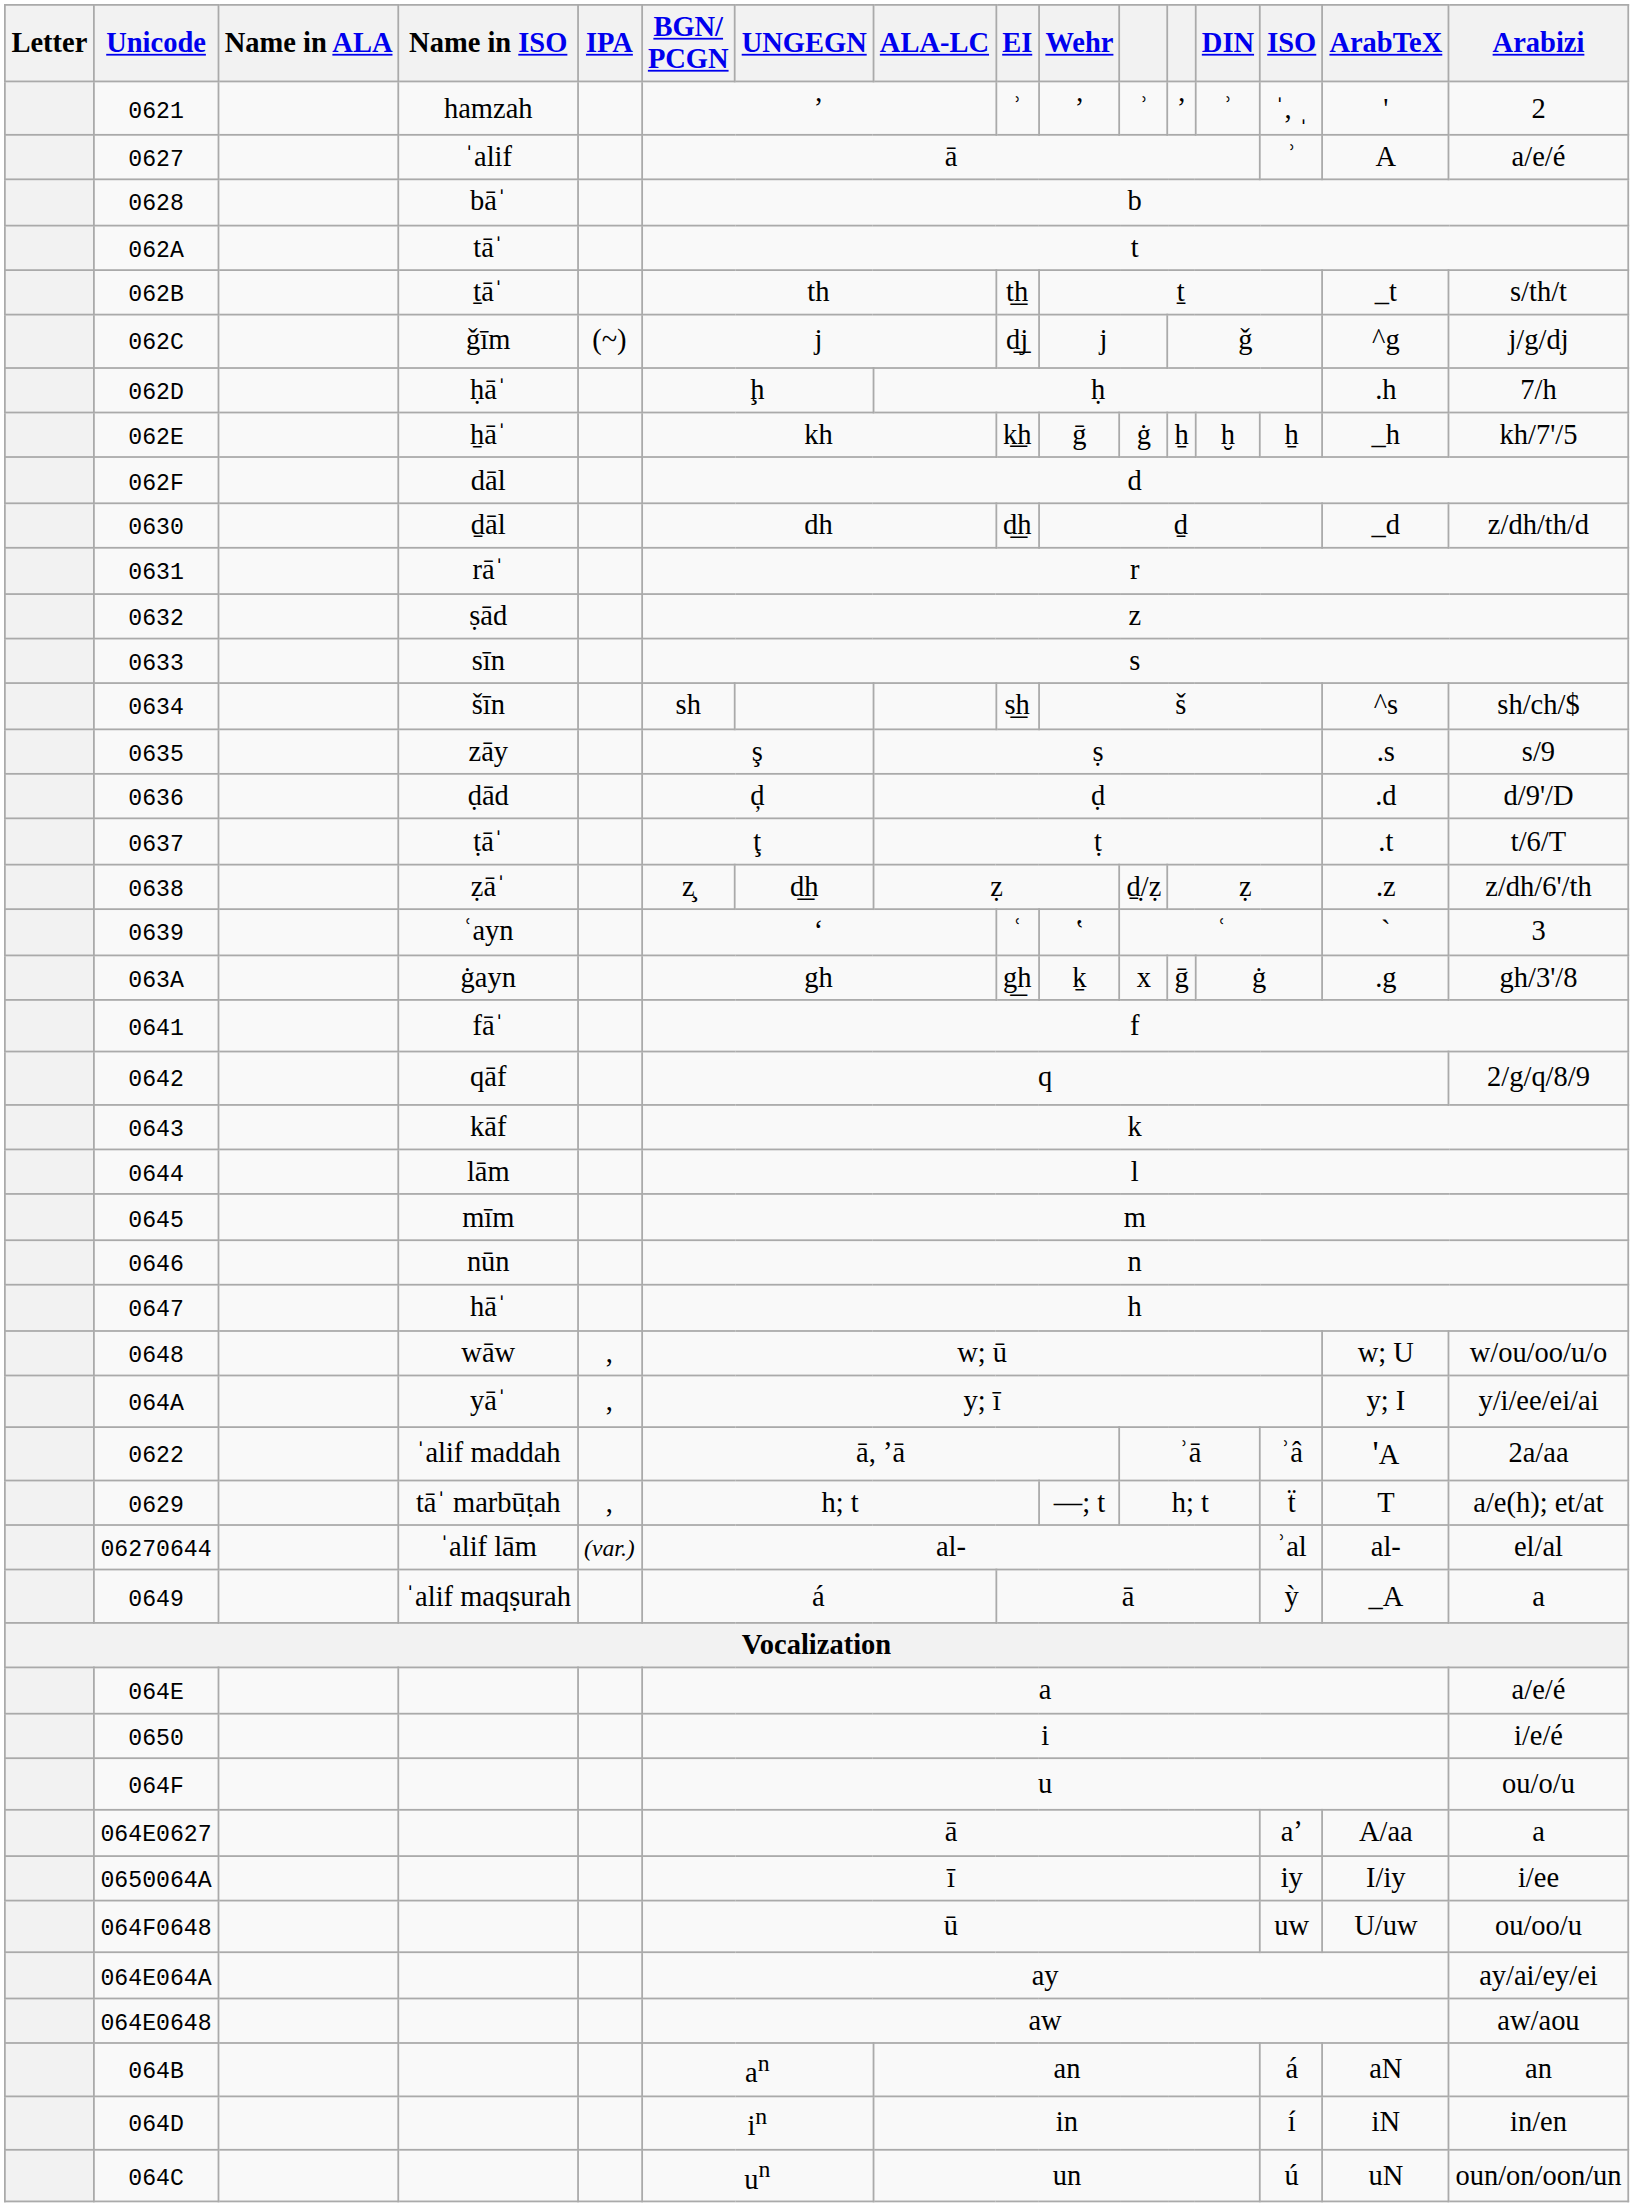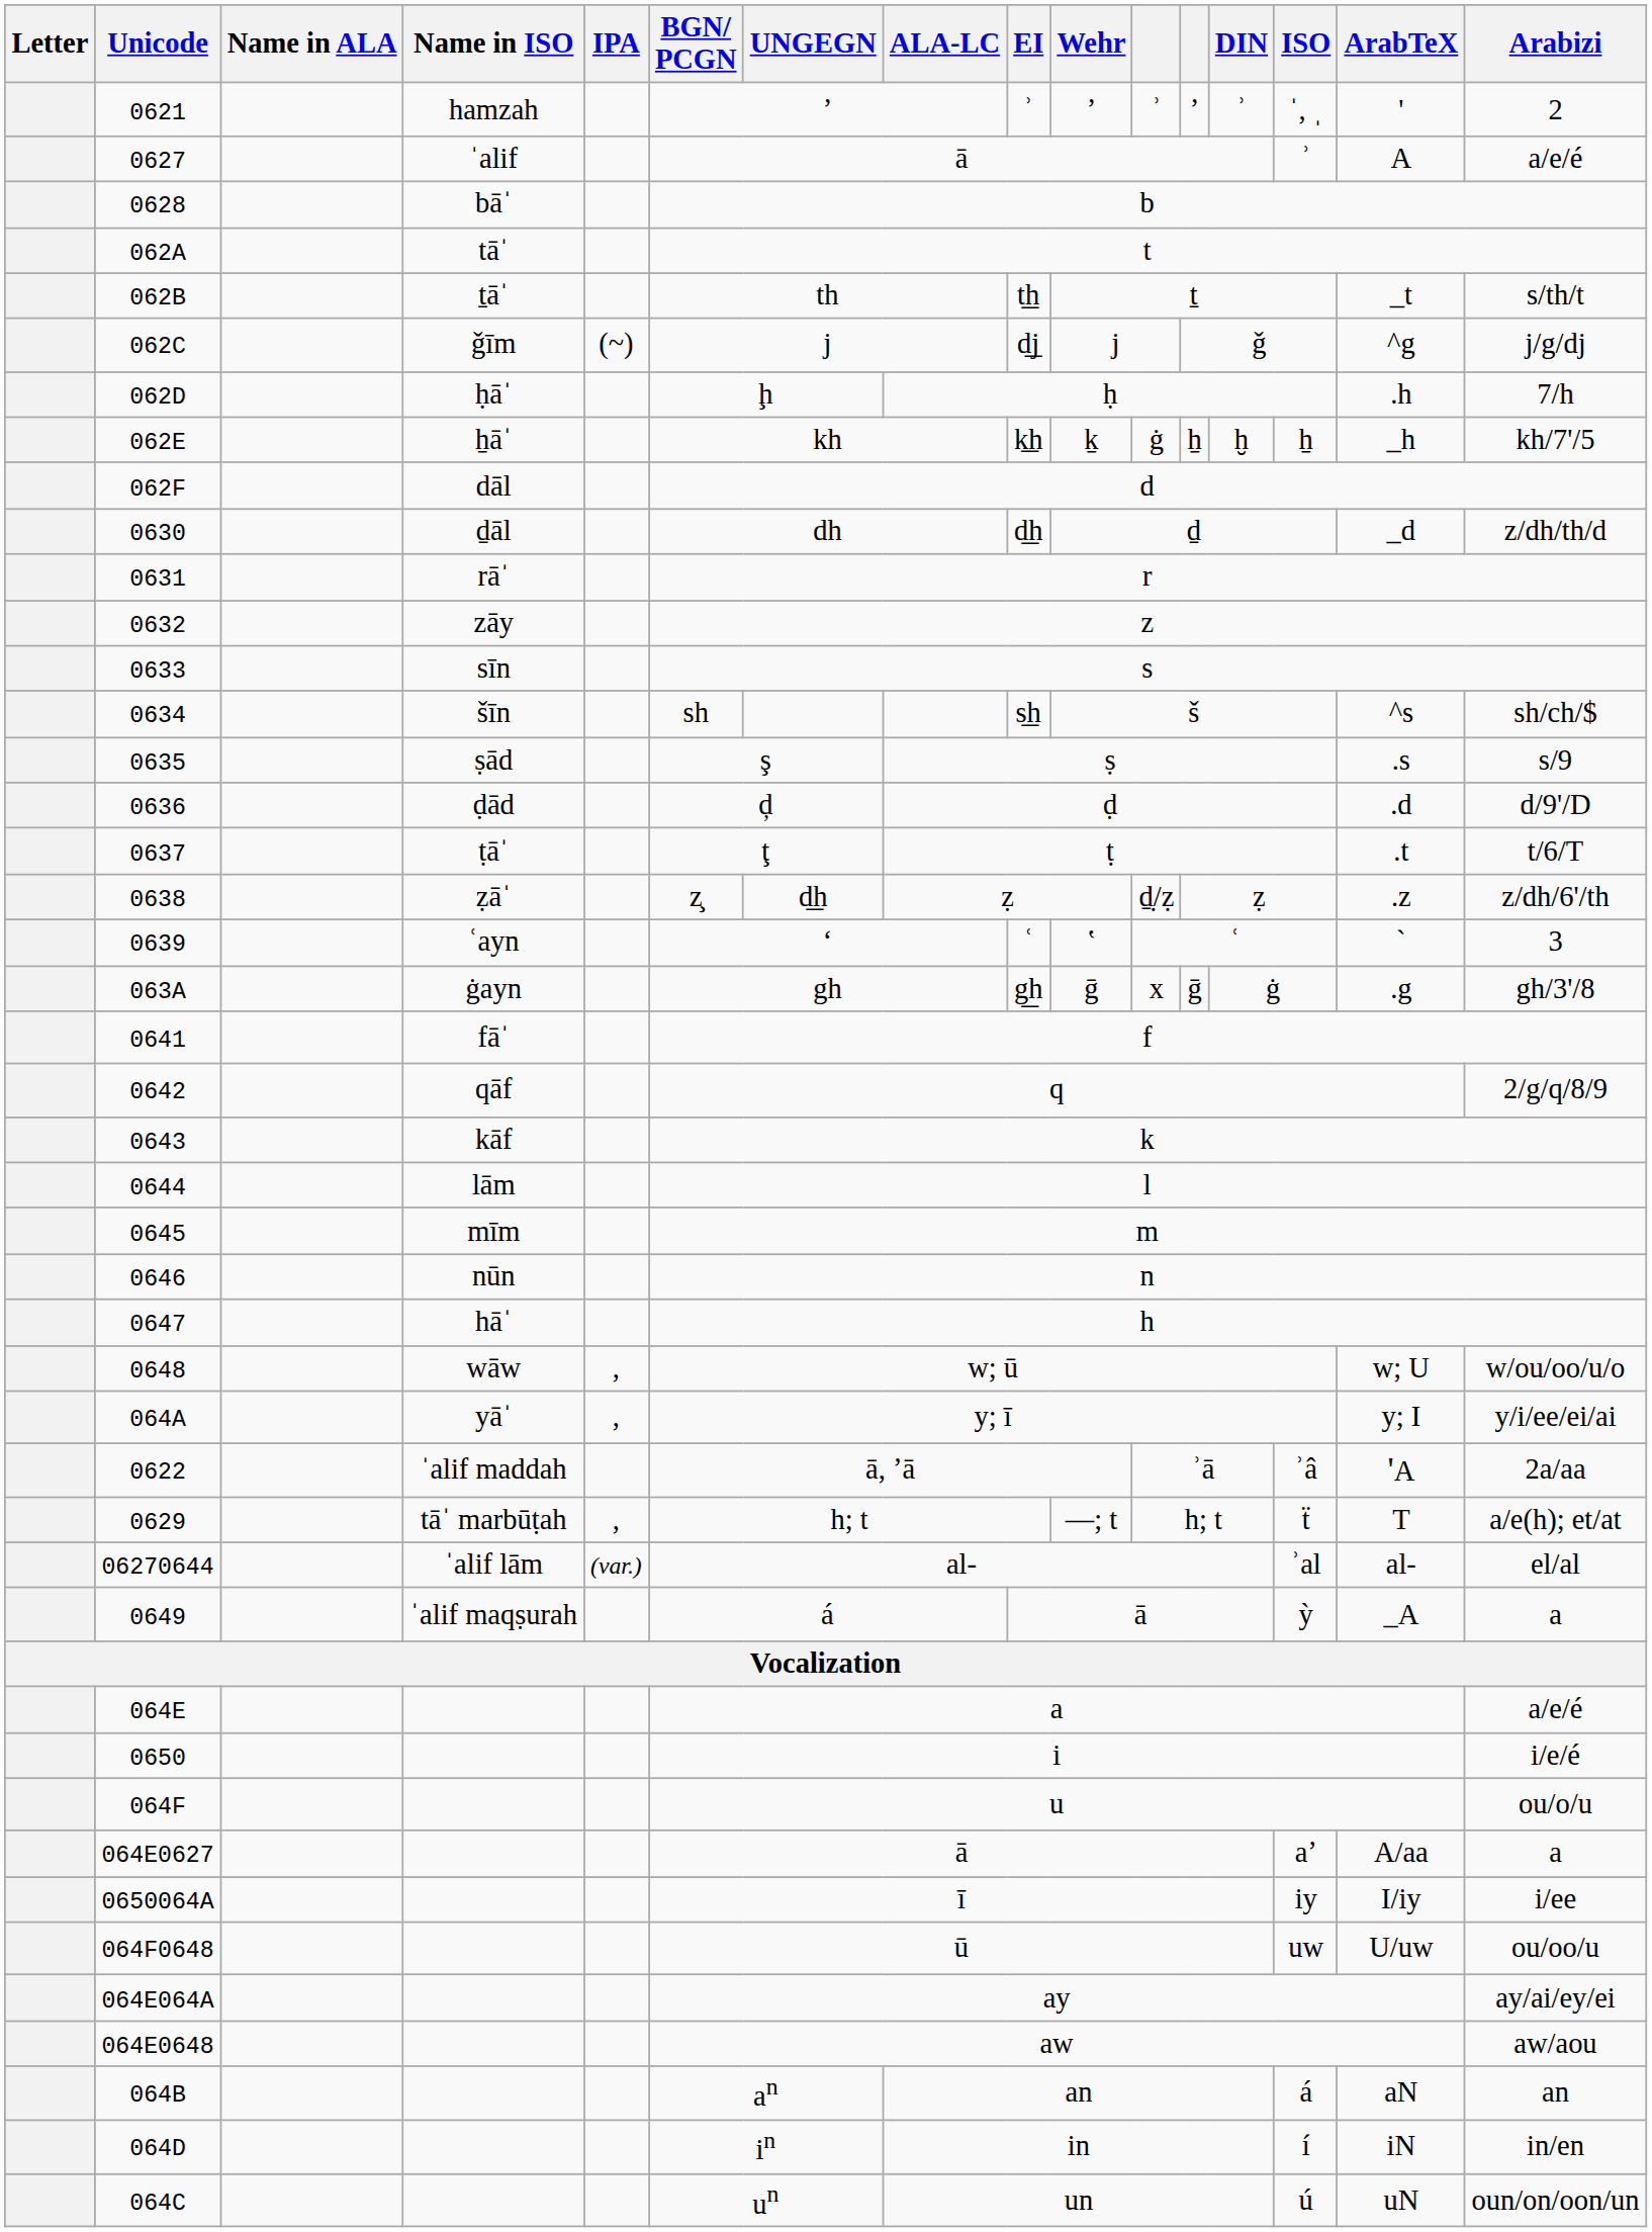 <table class="wikitable" style="text-align:center;">
 <tr>
 <th>Letter</th>
 <th><a href='#'>Unicode</a></th>
 <th>Name in <a href='#'>ALA</a></th>
 <th>Name in <a href='#'>ISO</a></th>
 <th><a href='#'>IPA</a></th>
 <th><a href='#'>BGN/<br>PCGN</a></th>
 <th><a href='#'>UNGEGN</a></th>
 <th><a href='#'>ALA-LC</a></th>
 <th><a href='#'>EI</a></th>
 <th><a href='#'>Wehr</a></th>
 <th></th>
 <th></th>
 <th><a href='#'>DIN</a></th>
 <th><a href='#'>ISO</a></th>
 <th><a href='#'>ArabTeX</a></th>
 <th><a href='#'>Arabizi</a></th>
 </tr>
 <tr>
 <th><big></big> ‎</th>
 <td><code>0621</code></td>
 <td></td>
 <td>hamzah</td>
 <td></td>
 <td colspan="3"><span>ʼ</span></td>
 <td><span>ʾ</span></td>
 <td><span>ʼ</span></td>
 <td><span>ʾ</span></td>
 <td><span>ʼ</span></td>
 <td><span>ʾ</span></td>
 <td><span>ˈ</span>, <span>ˌ</span></td>
 <td><span>'</span></td>
 <td>2</td>
 </tr>
 <tr>
 <th><big></big></th>
 <td><code>0627</code></td>
 <td></td>
 <td>ˈalif</td>
 <td></td>
 <td colspan="8">ā</td>
 <td><span>ʾ</span></td>
 <td>A</td>
 <td>a/e/é</td>
 </tr>
 <tr>
 <th><big></big></th>
 <td><code>0628</code></td>
 <td></td>
 <td>bāˈ</td>
 <td></td>
 <td colspan="11">b</td>
 </tr>
 <tr>
 <th><big></big></th>
 <td><code>062A</code></td>
 <td></td>
 <td>tāˈ</td>
 <td></td>
 <td colspan="11">t</td>
 </tr>
 <tr>
 <th><big></big></th>
 <td><code>062B</code></td>
 <td></td>
 <td>ṯāˈ</td>
 <td></td>
 <td colspan="3">th</td>
 <td>t͟h</td>
 <td colspan="5">ṯ</td>
 <td>_t</td>
 <td>s/th/t</td>
 </tr>
 <tr>
 <th><big></big> ‎</th>
 <td><code>062C</code></td>
 <td></td>
 <td>ǧīm</td>
 <td> (~)</td>
 <td colspan="3">j</td>
 <td>d͟j</td>
 <td colspan="2">j</td>
 <td colspan="3">ǧ</td>
 <td>^g</td>
 <td>j/g/dj</td>
 </tr>
 <tr>
 <th><big></big></th>
 <td><code>062D</code></td>
 <td></td>
 <td>ḥāˈ</td>
 <td></td>
 <td colspan="2">ḩ</td>
 <td colspan="7">ḥ</td>
 <td>.h</td>
 <td>7/h</td>
 </tr>
 <tr>
 <th><big></big></th>
 <td><code>062E</code></td>
 <td></td>
 <td>ẖāˈ</td>
 <td></td>
 <td colspan="3">kh</td>
 <td>k͟h</td>
-<td>ḡ</td>
+<td>ḵ</td>
 <td>ġ</td>
 <td>ẖ</td>
 <td>ḫ</td>
 <td>ẖ</td>
 <td>_h</td>
 <td>kh/7'/5</td>
 </tr>
 <tr>
 <th><big></big></th>
 <td><code>062F</code></td>
 <td></td>
 <td>dāl</td>
 <td></td>
 <td colspan="11">d</td>
 </tr>
 <tr>
 <th><big></big></th>
 <td><code>0630</code></td>
 <td></td>
 <td>ḏāl</td>
 <td></td>
 <td colspan="3">dh</td>
 <td>d͟h</td>
 <td colspan="5">ḏ</td>
 <td>_d</td>
 <td>z/dh/th/d</td>
 </tr>
 <tr>
 <th><big></big></th>
 <td><code>0631</code></td>
 <td></td>
 <td>rāˈ</td>
 <td></td>
 <td colspan="11">r</td>
 </tr>
 <tr>
 <th><big></big></th>
 <td><code>0632</code></td>
 <td></td>
-<td>ṣād</td>
+<td>zāy</td>
 <td></td>
 <td colspan="11">z</td>
 </tr>
 <tr>
 <th><big></big></th>
 <td><code>0633</code></td>
 <td></td>
 <td>sīn</td>
 <td></td>
 <td colspan="11">s</td>
 </tr>
 <tr>
 <th><big></big></th>
 <td><code>0634</code></td>
 <td></td>
 <td>šīn</td>
 <td></td>
 <td>sh</td>
 <td></td>
 <td></td>
 <td>s͟h</td>
 <td colspan="5">š</td>
 <td>^s</td>
 <td>sh/ch/$</td>
 </tr>
 <tr>
 <th><big></big></th>
 <td><code>0635</code></td>
 <td></td>
-<td>zāy</td>
+<td>ṣād</td>
 <td></td>
 <td colspan="2">ş</td>
 <td colspan="7">ṣ</td>
 <td>.s</td>
 <td>s/9</td>
 </tr>
 <tr>
 <th><big></big></th>
 <td><code>0636</code></td>
 <td></td>
 <td>ḍād</td>
 <td></td>
 <td colspan="2">ḑ</td>
 <td colspan="7">ḍ</td>
 <td>.d</td>
 <td>d/9'/D</td>
 </tr>
 <tr>
 <th><big></big></th>
 <td><code>0637</code></td>
 <td></td>
 <td>ṭāˈ</td>
 <td></td>
 <td colspan="2">ţ</td>
 <td colspan="7">ṭ</td>
 <td>.t</td>
 <td>t/6/T</td>
 </tr>
 <tr>
 <th><big></big></th>
 <td><code>0638</code></td>
 <td></td>
 <td>ẓāˈ</td>
 <td></td>
 <td>z̧</td>
 <td>d͟h</td>
 <td colspan="3">ẓ</td>
 <td>ḏ̣/ẓ</td>
 <td colspan="3">ẓ</td>
 <td>.z</td>
 <td>z/dh/6'/th</td>
 </tr>
 <tr>
 <th><big></big></th>
 <td><code>0639</code></td>
 <td></td>
 <td>ʿayn</td>
 <td></td>
 <td colspan="3"><span>ʻ</span></td>
 <td><span>ʿ</span></td>
 <td><span>ʽ</span></td>
 <td colspan="4"><span>ʿ</span></td>
 <td><span>`</span></td>
 <td>3</td>
 </tr>
 <tr>
 <th><big></big></th>
 <td><code>063A</code></td>
 <td></td>
 <td>ġayn</td>
 <td></td>
 <td colspan="3">gh</td>
 <td>g͟h</td>
-<td>ḵ</td>
+<td>ḡ</td>
 <td>x</td>
 <td>ḡ</td>
 <td colspan="2">ġ</td>
 <td>.g</td>
 <td>gh/3'/8</td>
 </tr>
 <tr>
 <th><big></big> ‎</th>
 <td><code>0641</code></td>
 <td></td>
 <td>fāˈ</td>
 <td></td>
 <td colspan="11">f</td>
 </tr>
 <tr>
 <th><big></big> ‎</th>
 <td><code>0642</code></td>
 <td></td>
 <td>qāf</td>
 <td></td>
 <td colspan="10">q</td>
 <td>2/g/q/8/9</td>
 </tr>
 <tr>
 <th><big></big></th>
 <td><code>0643</code></td>
 <td></td>
 <td>kāf</td>
 <td></td>
 <td colspan="11">k</td>
 </tr>
 <tr>
 <th><big></big></th>
 <td><code>0644</code></td>
 <td></td>
 <td>lām</td>
 <td></td>
 <td colspan="11">l</td>
 </tr>
 <tr>
 <th><big></big></th>
 <td><code>0645</code></td>
 <td></td>
 <td>mīm</td>
 <td></td>
 <td colspan="11">m</td>
 </tr>
 <tr>
 <th><big></big></th>
 <td><code>0646</code></td>
 <td></td>
 <td>nūn</td>
 <td></td>
 <td colspan="11">n</td>
 </tr>
 <tr>
 <th><big></big></th>
 <td><code>0647</code></td>
 <td></td>
 <td>hāˈ</td>
 <td></td>
 <td colspan="11">h</td>
 </tr>
 <tr>
 <th><big></big></th>
 <td><code>0648</code></td>
 <td></td>
 <td>wāw</td>
 <td>, </td>
 <td colspan="9">w; ū</td>
 <td>w; U</td>
 <td>w/ou/oo/u/o</td>
 </tr>
 <tr>
 <th><big></big> ‎</th>
 <td><code>064A</code></td>
 <td></td>
 <td>yāˈ</td>
 <td>, </td>
 <td colspan="9">y; ī</td>
 <td>y; <span>I</span></td>
 <td>y/i/ee/ei/ai</td>
 </tr>
 <tr>
 <th><big></big></th>
 <td><code>0622</code></td>
 <td></td>
 <td>ˈalif maddah</td>
 <td></td>
 <td colspan="5">ā, <span>ʼ</span>ā</td>
 <td colspan="3"><span>ʾ</span>ā</td>
 <td><span>ʾ</span>â</td>
 <td><span><big>'</big></span>A</td>
 <td>2a/aa</td>
 </tr>
 <tr>
 <th><big></big></th>
 <td><code>0629</code></td>
 <td></td>
 <td>tāˈ marbūṭah</td>
 <td>, </td>
 <td colspan="4">h; t</td>
 <td>—; t</td>
 <td colspan="3">h; t</td>
 <td>ẗ</td>
 <td>T</td>
 <td>a/e(h); et/at</td>
 </tr>
 <tr>
 <th><big></big></th>
 <td><code>0627</code><code>0644</code></td>
 <td></td>
 <td>ˈalif lām</td>
 <td><small><em>(var.)</em></small></td>
 <td colspan="8">al-</td>
 <td><span>ʾ</span>al</td>
 <td>al-</td>
 <td>el/al</td>
 </tr>
 <tr>
 <th><big></big> ‎</th>
 <td><code>0649</code></td>
 <td></td>
 <td>ˈalif maqṣurah</td>
 <td></td>
 <td colspan="3">á</td>
 <td colspan="5">ā</td>
 <td>ỳ</td>
 <td>_A</td>
 <td>a</td>
 </tr>
 <tr>
 <th colspan="16">Vocalization</th>
 </tr>
 <tr>
 <th><big></big></th>
 <td><code>064E</code></td>
 <td></td>
 <td></td>
 <td></td>
 <td colspan="10">a</td>
 <td>a/e/é</td>
 </tr>
 <tr>
 <th><big></big></th>
 <td><code>0650</code></td>
 <td></td>
 <td></td>
 <td></td>
 <td colspan="10">i</td>
 <td>i/e/é</td>
 </tr>
 <tr>
 <th><big></big> ‎</th>
 <td><code>064F</code></td>
 <td></td>
 <td></td>
 <td></td>
 <td colspan="10">u</td>
 <td>ou/o/u</td>
 </tr>
 <tr>
 <th><big></big></th>
 <td><code>064E</code><code>0627</code></td>
 <td></td>
 <td></td>
 <td></td>
 <td colspan="8">ā</td>
 <td>aʼ</td>
 <td>A/aa</td>
 <td>a</td>
 </tr>
 <tr>
 <th><big></big></th>
 <td><code>0650</code><code>064A</code></td>
 <td></td>
 <td></td>
 <td></td>
 <td colspan="8">ī</td>
 <td>iy</td>
 <td>I/iy</td>
 <td>i/ee</td>
 </tr>
 <tr>
 <th><big></big> ‎</th>
 <td><code>064F</code><code>0648</code></td>
 <td></td>
 <td></td>
 <td></td>
 <td colspan="8">ū</td>
 <td>uw</td>
 <td>U/uw</td>
 <td>ou/oo/u</td>
 </tr>
 <tr>
 <th><big></big></th>
 <td><code>064E</code><code>064A</code></td>
 <td></td>
 <td></td>
 <td></td>
 <td colspan="10">ay</td>
 <td>ay/ai/ey/ei</td>
 </tr>
 <tr>
 <th><big></big></th>
 <td><code>064E</code><code>0648</code></td>
 <td></td>
 <td></td>
 <td></td>
 <td colspan="10">aw</td>
 <td>aw/aou</td>
 </tr>
 <tr>
 <th><big></big> ‎</th>
 <td><code>064B</code></td>
 <td></td>
 <td></td>
 <td></td>
 <td colspan="2">a<sup>n</sup></td>
 <td colspan="6">an</td>
 <td>á</td>
 <td>aN</td>
 <td>an</td>
 </tr>
 <tr>
 <th><big></big> ‎</th>
 <td><code>064D</code></td>
 <td></td>
 <td></td>
 <td></td>
 <td colspan="2">i<sup>n</sup></td>
 <td colspan="6">in</td>
 <td>í</td>
 <td>iN</td>
 <td>in/en</td>
 </tr>
 <tr>
 <th><big></big> ‎</th>
 <td><code>064C</code></td>
 <td></td>
 <td></td>
 <td></td>
 <td colspan="2">u<sup>n</sup></td>
 <td colspan="6">un</td>
 <td>ú</td>
 <td>uN</td>
 <td>oun/on/oon/un</td>
 </tr>
 </table>
